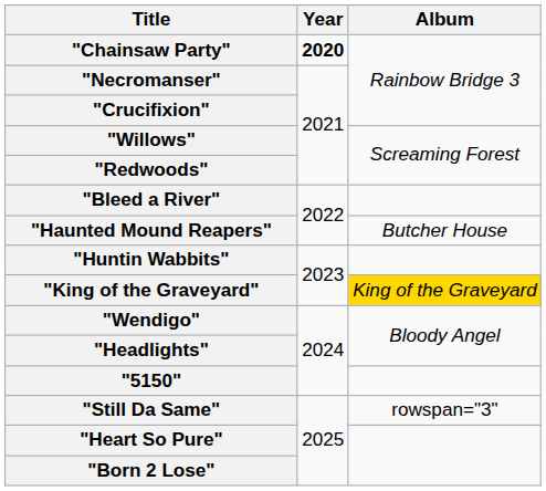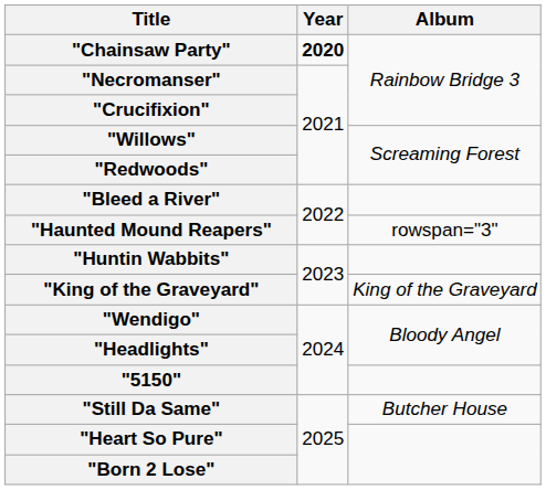 <table class="wikitable plainrowheaders" style="text-align:center;">
 <tr>
 <th scope="col" style="width:15em;">Title</th>
 <th scope="col">Year</th>
 <th scope="col">Album</th>
 </tr>
 <tr>
 <th scope="row">"Chainsaw Party"</th>
 <td><strong>2020</strong></td>
 <td rowspan="3"><em>Rainbow Bridge 3</em></td>
 </tr>
 <tr>
 <th scope="row">"Necromanser"</th>
 <td rowspan="4">2021</td>
 </tr>
 <tr>
 <th scope="row">"Crucifixion"</th>
 </tr>
 <tr>
 <th scope="row">"Willows"</th>
 <td rowspan="2"><em>Screaming Forest</em></td>
 </tr>
 <tr>
 <th scope="row">"Redwoods"<br></th>
 </tr>
 <tr>
 <th scope="row">"Bleed a River"</th>
 <td rowspan="2">2022</td>
 <td></td>
 </tr>
 <tr>
 <th scope="row">"Haunted Mound Reapers"<br></th>
-<td><em>Butcher House</em></td>
+<td>rowspan="3" </td>
 </tr>
 <tr>
 <th scope="row">"Huntin Wabbits"<br></th>
 <td rowspan="2">2023</td>
 <td></td>
 </tr>
 <tr>
 <th scope="row">"King of the Graveyard"</th>
-<td style="background: gold;"><em>King of the Graveyard</em></td>
+<td><em>King of the Graveyard</em></td>
 </tr>
 <tr>
 <th scope="row">"Wendigo"</th>
 <td rowspan="3">2024</td>
 <td rowspan="2"><em>Bloody Angel</em></td>
 </tr>
 <tr>
 <th scope="row">"Headlights"</th>
 </tr>
 <tr>
 <th scope="row">"5150"</th>
 <td></td>
 </tr>
 <tr>
 <th scope="row">"Still Da Same"<br></th>
 <td rowspan="3">2025</td>
-<td>rowspan="3" </td>
+<td><em>Butcher House</em></td>
 </tr>
 <tr>
 <th scope="row">"Heart So Pure"</th>
 </tr>
 <tr>
 <th scope="row">"Born 2 Lose"</th>
 </tr>
 </table>
